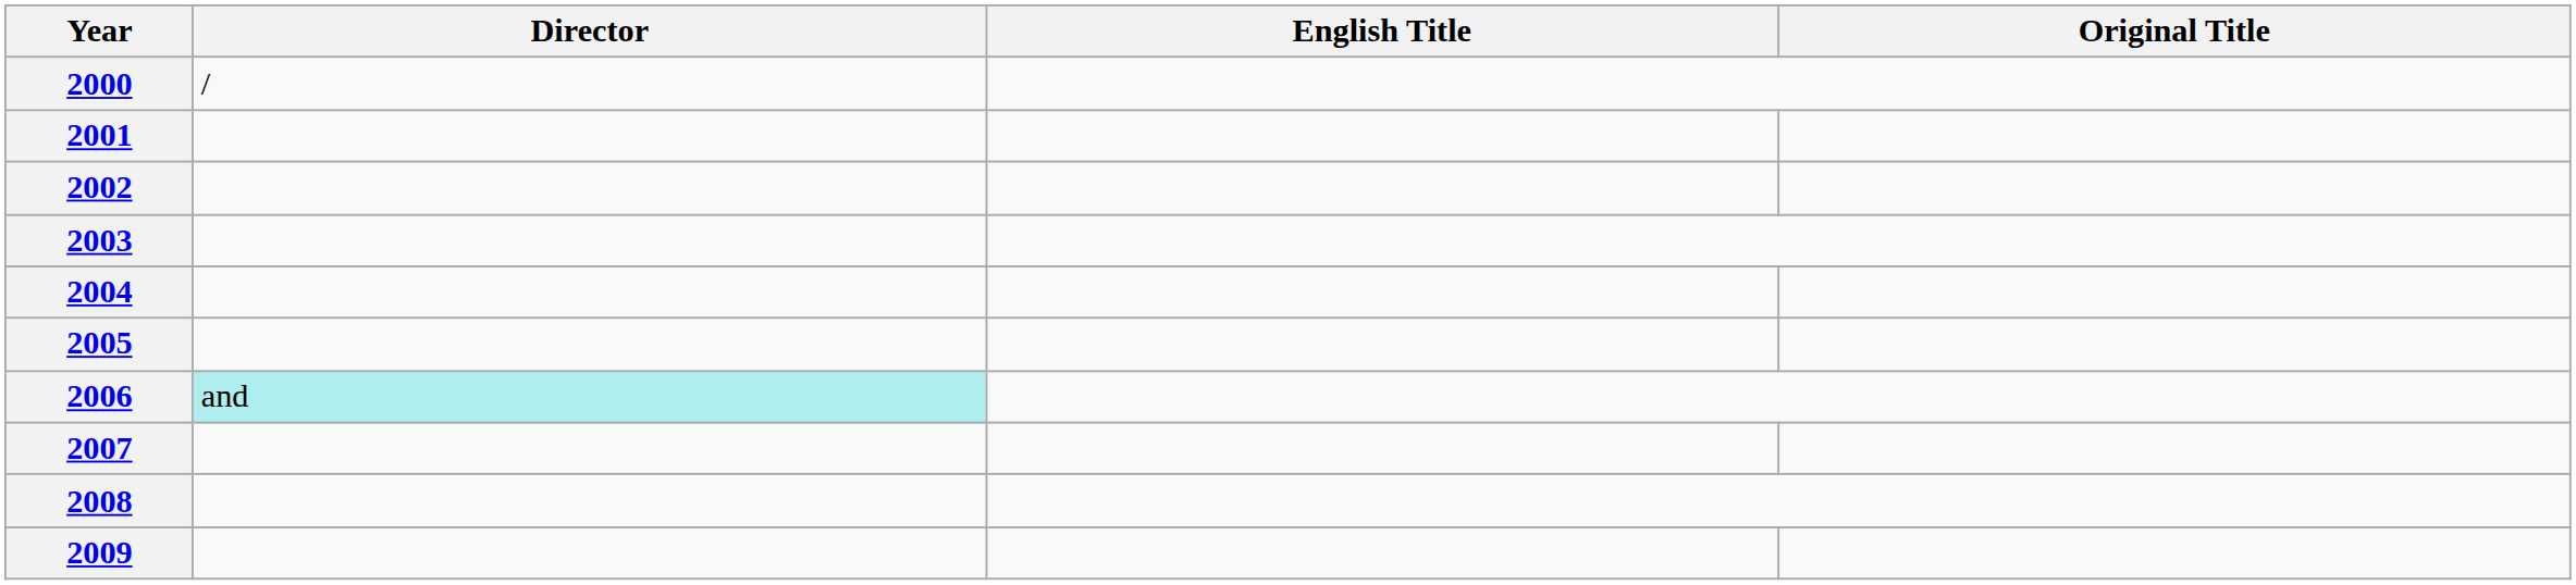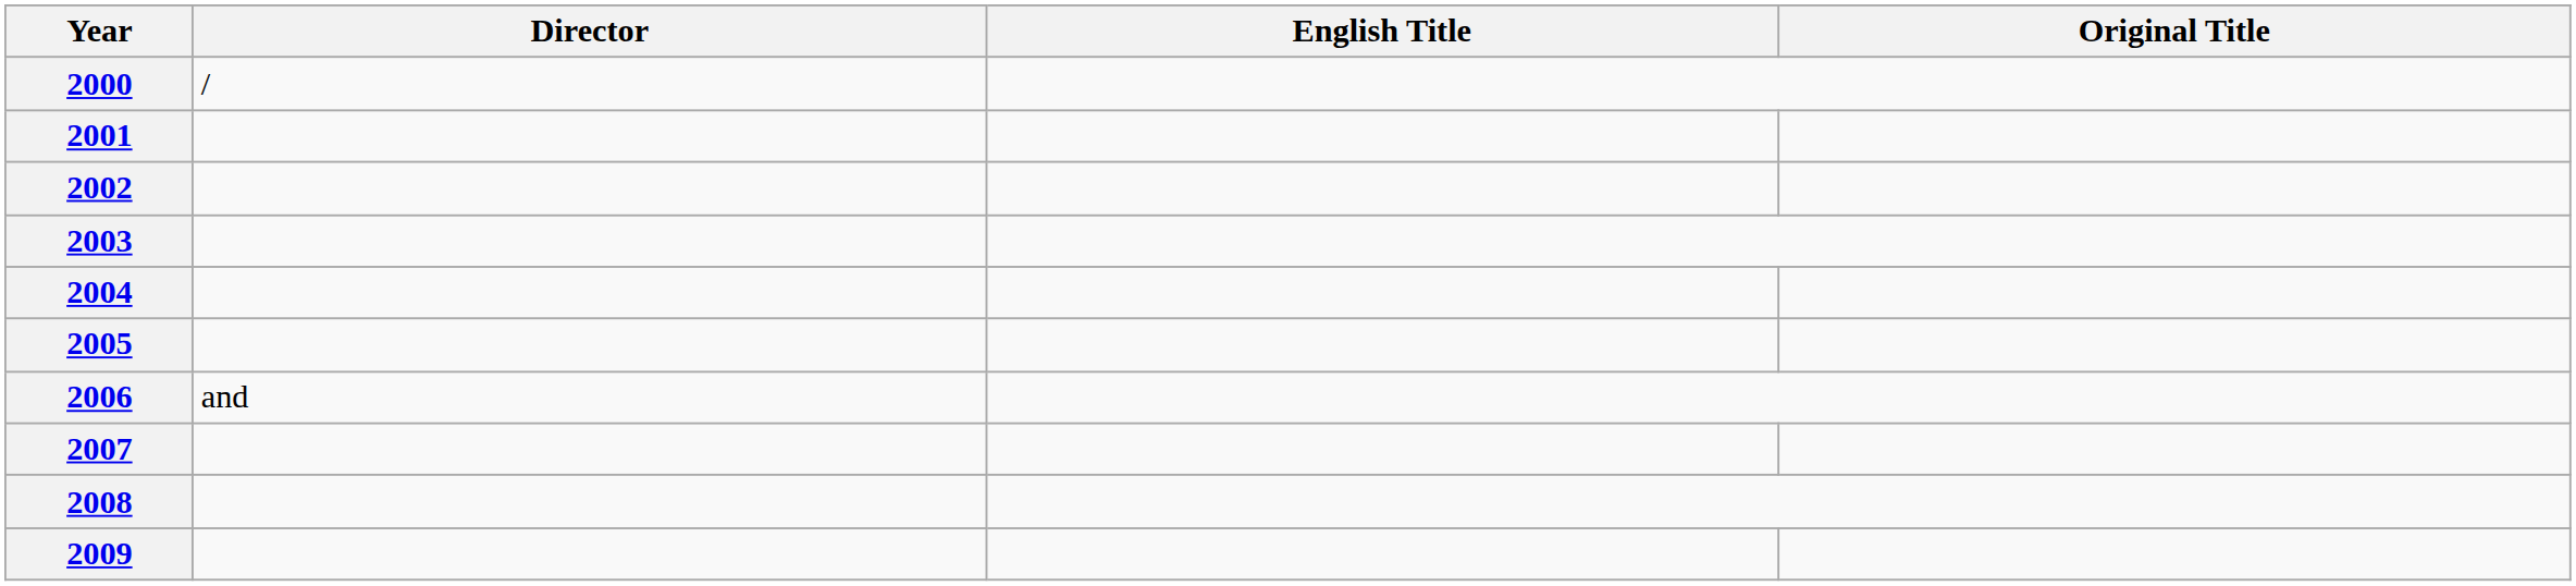 <table class="wikitable unsortable">
 <tr>
 <th scope="col" style="width:2%;">Year</th>
 <th scope="col" style="width:10%;">Director</th>
 <th scope="col" style="width:10%;">English Title</th>
 <th scope="col" style="width:10%;">Original Title</th>
 </tr>
 <tr>
 <th style="text-align:center;"><a href='#'>2000</a></th>
 <td> /  </td>
 <td colspan="2"></td>
 </tr>
 <tr>
 <th style="text-align:center;"><a href='#'>2001</a></th>
 <td> </td>
 <td></td>
 <td></td>
 </tr>
 <tr>
 <th style="text-align:center;"><a href='#'>2002</a></th>
 <td> </td>
 <td></td>
 <td></td>
 </tr>
 <tr>
 <th style="text-align:center;"><a href='#'>2003</a></th>
 <td> </td>
 <td colspan="2"></td>
 </tr>
 <tr>
 <th style="text-align:center;"><a href='#'>2004</a></th>
 <td> </td>
 <td></td>
 <td></td>
 </tr>
 <tr>
 <th style="text-align:center;"><a href='#'>2005</a></th>
 <td> </td>
 <td></td>
 <td></td>
 </tr>
 <tr>
 <th style="text-align:center;"><a href='#'>2006</a></th>
-<td style="background: paleturquoise;">  and </td>
+<td>  and </td>
 <td colspan="2"></td>
 </tr>
 <tr>
 <th style="text-align:center;"><a href='#'>2007</a></th>
 <td> </td>
 <td></td>
 <td></td>
 </tr>
 <tr>
 <th style="text-align:center;"><a href='#'>2008</a></th>
 <td> </td>
 <td colspan="2"></td>
 </tr>
 <tr>
 <th style="text-align:center;"><a href='#'>2009</a></th>
 <td> </td>
 <td></td>
 <td></td>
 </tr>
 </table>
